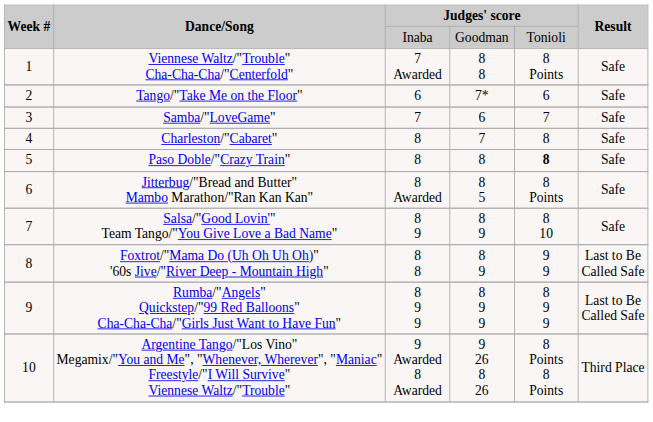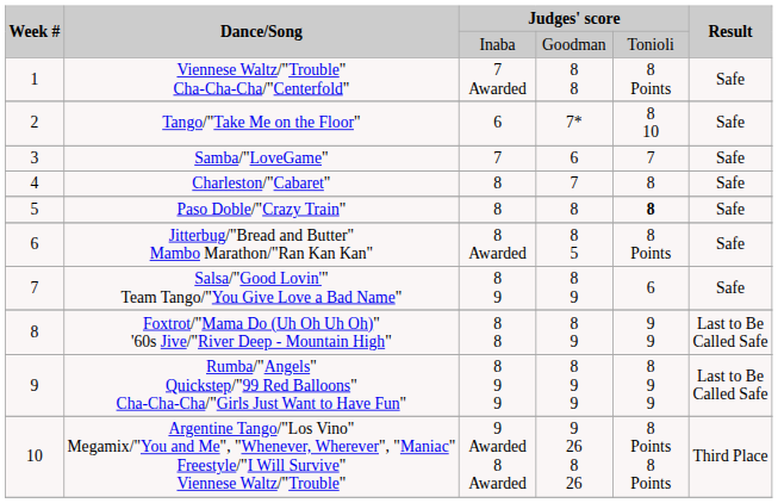 <table class="wikitable" style="float:left;">
 <tr style="text-align: center; background:#ccc;">
 <td rowspan="2"><strong>Week #</strong></td>
 <td rowspan="2"><strong>Dance/Song</strong></td>
 <td colspan="3"><strong>Judges' score</strong></td>
 <td rowspan="2"><strong>Result</strong></td>
 </tr>
 <tr style="text-align: center; background:#ccc;">
 <td style="width:10%; ">Inaba</td>
 <td style="width:10%; ">Goodman</td>
 <td style="width:10%; ">Tonioli</td>
 </tr>
 <tr>
 <td style="text-align: center; background:#faf6f6;">1</td>
 <td style="text-align: center; background:#faf6f6;"><a href='#'>Viennese Waltz</a>/"<a href='#'>Trouble</a>"<br><a href='#'>Cha-Cha-Cha</a>/"<a href='#'>Centerfold</a>"</td>
 <td style="text-align: center; background:#faf6f6;">7<br>Awarded</td>
 <td style="text-align: center; background:#faf6f6;">8<br>8</td>
 <td style="text-align: center; background:#faf6f6;">8<br>Points</td>
 <td style="text-align: center; background:#faf6f6;">Safe</td>
 </tr>
 <tr style="text-align:center; background:#faf6f6;">
 </tr>
 <tr>
 <td style="text-align: center; background:#faf6f6;">2</td>
 <td style="text-align: center; background:#faf6f6;"><a href='#'>Tango</a>/"<a href='#'>Take Me on the Floor</a>"</td>
 <td style="text-align: center; background:#faf6f6;">6</td>
 <td style="text-align: center; background:#faf6f6;">7*</td>
-<td style="text-align: center; background:#faf6f6;">6</td>
+<td style="text-align: center; background:#faf6f6;">8<br>10</td>
 <td style="text-align: center; background:#faf6f6;">Safe</td>
 </tr>
 <tr style="text-align:center; background:#faf6f6;">
 </tr>
 <tr>
 <td style="text-align: center; background:#faf6f6;">3</td>
 <td style="text-align: center; background:#faf6f6;"><a href='#'>Samba</a>/"<a href='#'>LoveGame</a>"</td>
 <td style="text-align: center; background:#faf6f6;">7</td>
 <td style="text-align: center; background:#faf6f6;">6</td>
 <td style="text-align: center; background:#faf6f6;">7</td>
 <td style="text-align: center; background:#faf6f6;">Safe</td>
 </tr>
 <tr style="text-align:center; background:#faf6f6;">
 </tr>
 <tr>
 <td style="text-align: center; background:#faf6f6;">4</td>
 <td style="text-align: center; background:#faf6f6;"><a href='#'>Charleston</a>/"<a href='#'>Cabaret</a>"</td>
 <td style="text-align: center; background:#faf6f6;">8</td>
 <td style="text-align: center; background:#faf6f6;">7</td>
 <td style="text-align: center; background:#faf6f6;">8</td>
 <td style="text-align: center; background:#faf6f6;">Safe</td>
 </tr>
 <tr style="text-align:center; background:#faf6f6;">
 </tr>
 <tr>
 <td style="text-align: center; background:#faf6f6;">5</td>
 <td style="text-align: center; background:#faf6f6;"><a href='#'>Paso Doble</a>/"<a href='#'>Crazy Train</a>"</td>
 <td style="text-align: center; background:#faf6f6;">8</td>
 <td style="text-align: center; background:#faf6f6;">8</td>
 <td style="text-align: center; background:#faf6f6;"><strong>8</strong></td>
 <td style="text-align: center; background:#faf6f6;">Safe</td>
 </tr>
 <tr style="text-align:center; background:#faf6f6;">
 </tr>
 <tr>
 <td style="text-align: center; background:#faf6f6;">6</td>
 <td style="text-align: center; background:#faf6f6;"><a href='#'>Jitterbug</a>/"Bread and Butter"<br><a href='#'>Mambo</a> Marathon/"Ran Kan Kan"</td>
 <td style="text-align: center; background:#faf6f6;">8<br>Awarded</td>
 <td style="text-align: center; background:#faf6f6;">8<br>5</td>
 <td style="text-align: center; background:#faf6f6;">8<br>Points</td>
 <td style="text-align: center; background:#faf6f6;">Safe</td>
 </tr>
 <tr style="text-align:center; background:#faf6f6;">
 </tr>
 <tr>
 <td style="text-align: center; background:#faf6f6;">7</td>
 <td style="text-align: center; background:#faf6f6;"><a href='#'>Salsa</a>/"<a href='#'>Good Lovin'</a>"<br>Team Tango/"<a href='#'>You Give Love a Bad Name</a>"</td>
 <td style="text-align: center; background:#faf6f6;">8<br>9</td>
 <td style="text-align: center; background:#faf6f6;">8<br>9</td>
-<td style="text-align: center; background:#faf6f6;">8<br>10</td>
+<td style="text-align: center; background:#faf6f6;">6</td>
 <td style="text-align: center; background:#faf6f6;">Safe</td>
 </tr>
 <tr style="text-align:center; background:#faf6f6;">
 </tr>
 <tr>
 <td style="text-align: center; background:#faf6f6;">8</td>
 <td style="text-align: center; background:#faf6f6;"><a href='#'>Foxtrot</a>/"<a href='#'>Mama Do (Uh Oh Uh Oh)</a>"<br>'60s <a href='#'>Jive</a>/"<a href='#'>River Deep - Mountain High</a>"</td>
 <td style="text-align: center; background:#faf6f6;">8<br>8</td>
 <td style="text-align: center; background:#faf6f6;">8<br>9</td>
 <td style="text-align: center; background:#faf6f6;">9<br>9</td>
 <td style="text-align: center; background:#faf6f6;">Last to Be<br>Called Safe</td>
 </tr>
 <tr style="text-align:center; background:#faf6f6;">
 </tr>
 <tr>
 <td style="text-align: center; background:#faf6f6;">9</td>
 <td style="text-align: center; background:#faf6f6;"><a href='#'>Rumba</a>/"<a href='#'>Angels</a>"<br><a href='#'>Quickstep</a>/"<a href='#'>99 Red Balloons</a>"<br><a href='#'>Cha-Cha-Cha</a>/"<a href='#'>Girls Just Want to Have Fun</a>"</td>
 <td style="text-align: center; background:#faf6f6;">8<br>9<br>9</td>
 <td style="text-align: center; background:#faf6f6;">8<br>9<br>9</td>
 <td style="text-align: center; background:#faf6f6;">8<br>9<br>9</td>
 <td style="text-align: center; background:#faf6f6;">Last to Be<br>Called Safe</td>
 </tr>
 <tr style="text-align:center; background:#faf6f6;">
 </tr>
 <tr>
 <td style="text-align: center; background:#faf6f6;">10</td>
 <td style="text-align: center; background:#faf6f6;"><a href='#'>Argentine Tango</a>/"Los Vino"<br>Megamix/"<a href='#'>You and Me</a>", "<a href='#'>Whenever, Wherever</a>", "<a href='#'>Maniac</a>"<br><a href='#'>Freestyle</a>/"<a href='#'>I Will Survive</a>"<br><a href='#'>Viennese Waltz</a>/"<a href='#'>Trouble</a>"</td>
 <td style="text-align: center; background:#faf6f6;">9<br>Awarded<br>8<br>Awarded</td>
 <td style="text-align: center; background:#faf6f6;">9<br>26<br>8<br>26</td>
 <td style="text-align: center; background:#faf6f6;">8<br>Points<br>8<br>Points</td>
 <td style="text-align: center; background:#faf6f6;">Third Place</td>
 </tr>
 <tr style="text-align:center; background:#faf6f6;">
 </tr>
 </table>
